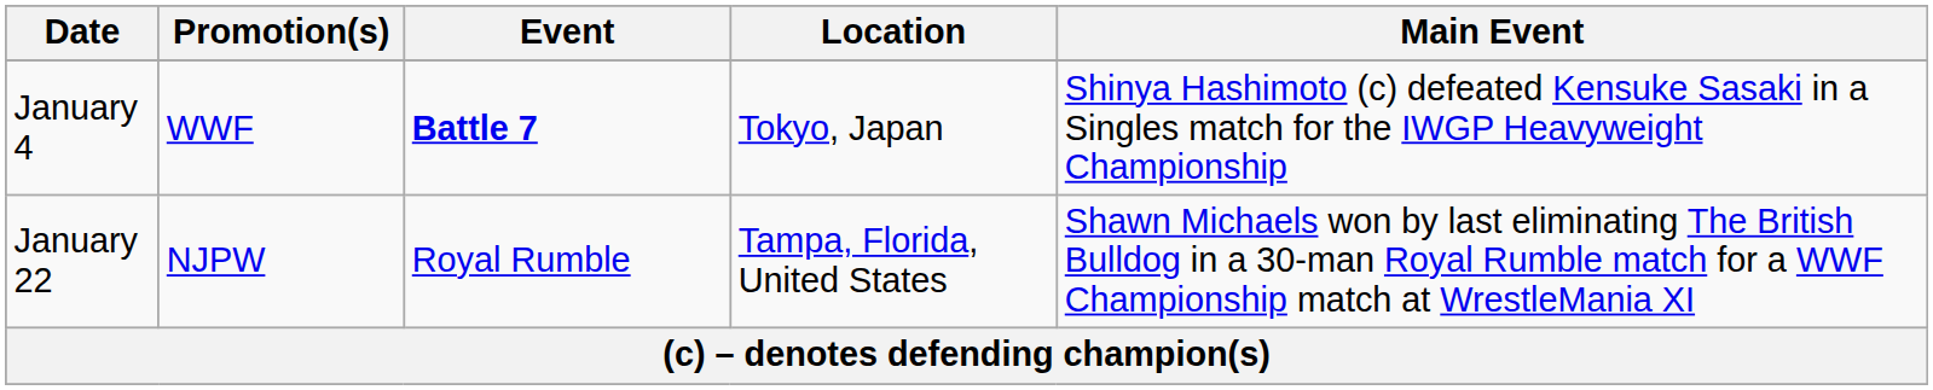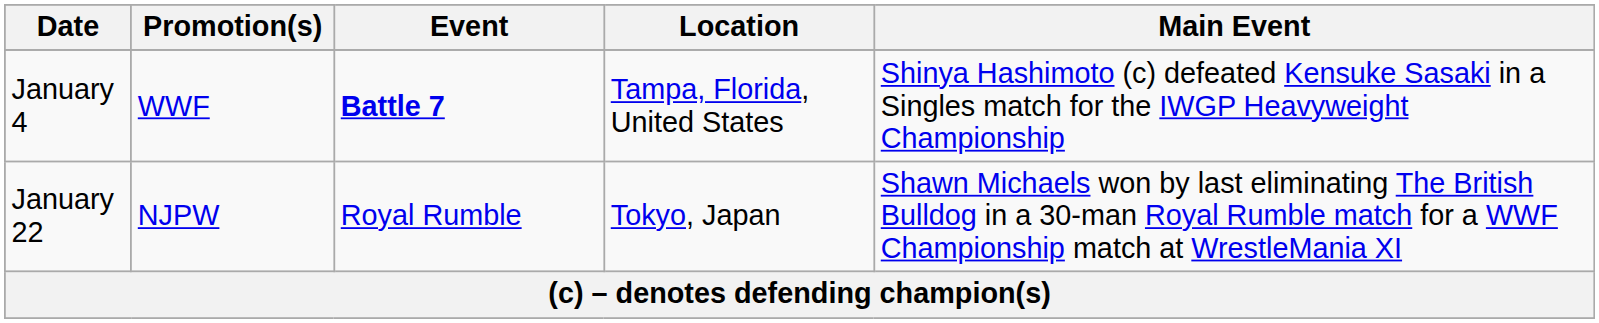 <table class="wikitable" style="width:100%;">
 <tr>
 <th width="5%">Date</th>
 <th width="5%">Promotion(s)</th>
 <th style="width:15%;">Event</th>
 <th style="width:15%;">Location</th>
 <th style="width:40%;">Main Event</th>
 </tr>
 <tr style="width:20%;" |Notes>
 </tr>
 <tr>
 <td>January 4</td>
 <td><a href='#'>WWF</a></td>
 <td><strong><a href='#'>Battle 7</a></strong></td>
-<td><a href='#'>Tokyo</a>, Japan</td>
+<td><a href='#'>Tampa, Florida</a>, United States</td>
 <td><a href='#'>Shinya Hashimoto</a> (c) defeated <a href='#'>Kensuke Sasaki</a> in a Singles match for the <a href='#'>IWGP Heavyweight Championship</a></td>
 </tr>
 <tr>
 <td>January 22</td>
 <td><a href='#'>NJPW</a></td>
 <td><a href='#'>Royal Rumble</a></td>
-<td><a href='#'>Tampa, Florida</a>, United States</td>
+<td><a href='#'>Tokyo</a>, Japan</td>
 <td><a href='#'>Shawn Michaels</a> won by last eliminating <a href='#'>The British Bulldog</a> in a 30-man <a href='#'>Royal Rumble match</a> for a <a href='#'>WWF Championship</a> match at <a href='#'>WrestleMania XI</a></td>
 </tr>
 <tr>
 <th colspan="6">(c) – denotes defending champion(s)</th>
 </tr>
 </table>
